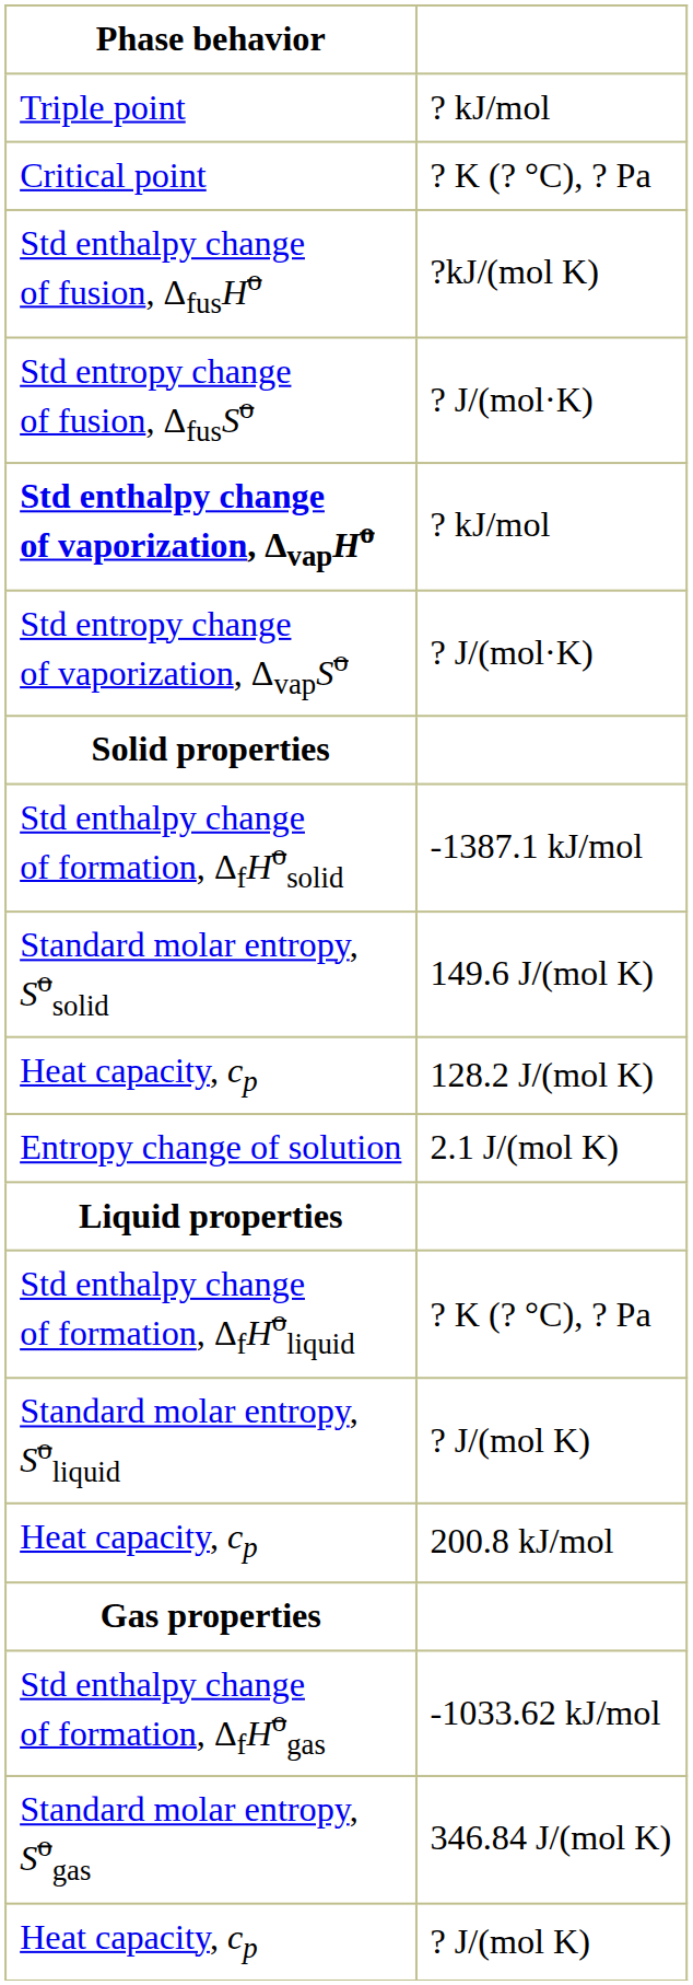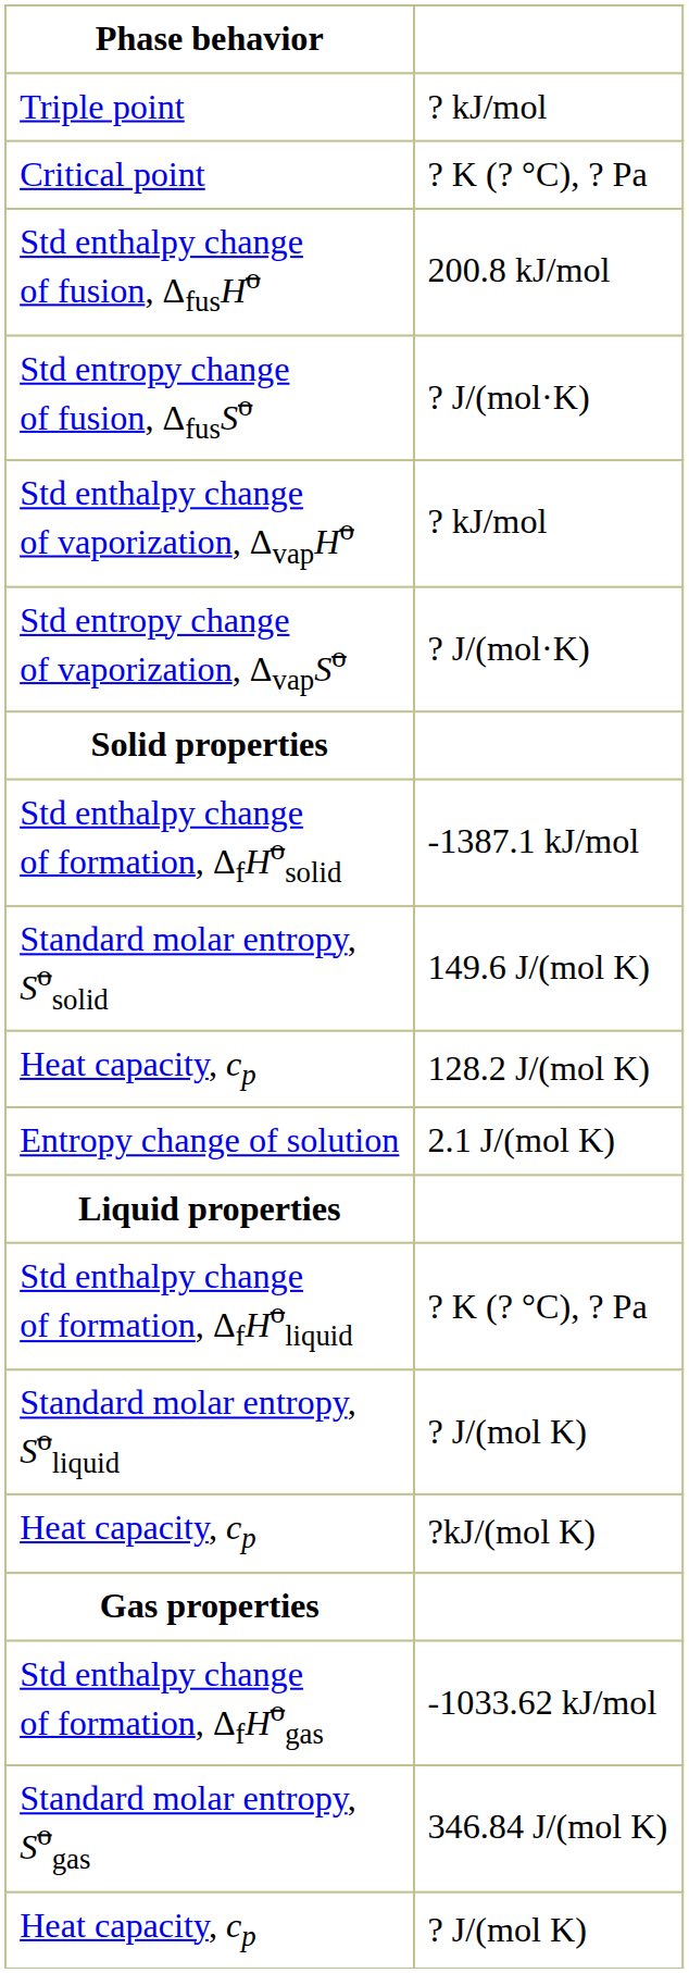 <table border="1" cellspacing="0" cellpadding="6" style="margin: 0 0 0 0.5em; background: #FFFFFF; border-collapse: collapse; border-color: #C0C090;">
 <tr>
 <th>Phase behavior</th>
 </tr>
 <tr>
 <td><a href='#'>Triple point</a></td>
 <td>? kJ/mol</td>
 </tr>
 <tr>
 <td><a href='#'>Critical point</a></td>
 <td>? K (? °C), ? Pa</td>
 </tr>
 <tr>
 <td><a href='#'>Std enthalpy change<br>of fusion</a>, Δ<sub>fus</sub><em>H</em><sup><s>o</s></sup></td>
-<td>?kJ/(mol K)</td>
+<td>200.8 kJ/mol</td>
 </tr>
 <tr>
 <td><a href='#'>Std entropy change<br>of fusion</a>, Δ<sub>fus</sub><em>S</em><sup><s>o</s></sup></td>
 <td>? J/(mol·K)</td>
 </tr>
 <tr>
-<td><strong><a href='#'>Std enthalpy change<br>of vaporization</a>, Δ<sub>vap</sub><em>H</em><sup><s>o</s></sup></strong></td>
+<td><a href='#'>Std enthalpy change<br>of vaporization</a>, Δ<sub>vap</sub><em>H</em><sup><s>o</s></sup></td>
 <td>? kJ/mol</td>
 </tr>
 <tr>
 <td><a href='#'>Std entropy change<br>of vaporization</a>, Δ<sub>vap</sub><em>S</em><sup><s>o</s></sup></td>
 <td>? J/(mol·K)</td>
 </tr>
 <tr>
 <th>Solid properties</th>
 </tr>
 <tr>
 <td><a href='#'>Std enthalpy change<br>of formation</a>, Δ<sub>f</sub><em>H</em><sup><s>o</s></sup><sub>solid</sub></td>
 <td>-1387.1 kJ/mol</td>
 </tr>
 <tr>
 <td><a href='#'>Standard molar entropy</a>,<br><em>S</em><sup><s>o</s></sup><sub>solid</sub></td>
 <td>149.6 J/(mol K)</td>
 </tr>
 <tr>
 <td><a href='#'>Heat capacity</a>, <em>c<sub>p</sub></em></td>
 <td>128.2 J/(mol K)</td>
 </tr>
 <tr>
 <td><a href='#'>Entropy change of solution</a></td>
 <td>2.1 J/(mol K)</td>
 </tr>
 <tr>
 <th>Liquid properties</th>
 </tr>
 <tr>
 <td><a href='#'>Std enthalpy change<br>of formation</a>, Δ<sub>f</sub><em>H</em><sup><s>o</s></sup><sub>liquid</sub></td>
 <td>? K (? °C), ? Pa</td>
 </tr>
 <tr>
 <td><a href='#'>Standard molar entropy</a>,<br><em>S</em><sup><s>o</s></sup><sub>liquid</sub></td>
 <td>? J/(mol K)</td>
 </tr>
 <tr>
 <td><a href='#'>Heat capacity</a>, <em>c<sub>p</sub></em></td>
-<td>200.8 kJ/mol</td>
+<td>?kJ/(mol K)</td>
 </tr>
 <tr>
 <th>Gas properties</th>
 </tr>
 <tr>
 <td><a href='#'>Std enthalpy change<br>of formation</a>, Δ<sub>f</sub><em>H</em><sup><s>o</s></sup><sub>gas</sub></td>
 <td>-1033.62 kJ/mol</td>
 </tr>
 <tr>
 <td><a href='#'>Standard molar entropy</a>,<br><em>S</em><sup><s>o</s></sup><sub>gas</sub></td>
 <td>346.84 J/(mol K)</td>
 </tr>
 <tr>
 <td><a href='#'>Heat capacity</a>, <em>c<sub>p</sub></em></td>
 <td>? J/(mol K)</td>
 </tr>
 <tr>
 </tr>
 </table>
